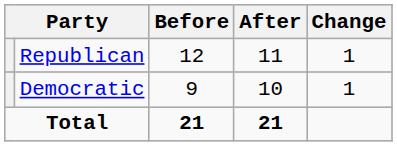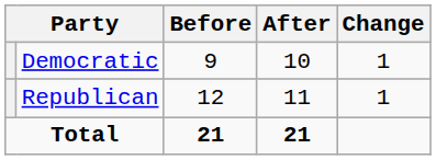 <table class="wikitable" style="text-align:center;">
 <tr>
 <th colspan="2">Party</th>
 <th>Before</th>
 <th>After</th>
 <th>Change</th>
 </tr>
 <tr>
 <th style="background-color:"></th>
-<td style="text-align:left;"><a href='#'>Republican</a></td>
-<td>12</td>
-<td>11</td>
+<td style="text-align:left;"><a href='#'>Democratic</a></td>
+<td>9</td>
+<td>10</td>
 <td> 1</td>
 </tr>
 <tr>
 <th style="background-color:"></th>
-<td style="text-align:left;"><a href='#'>Democratic</a></td>
-<td>9</td>
-<td>10</td>
+<td style="text-align:left;"><a href='#'>Republican</a></td>
+<td>12</td>
+<td>11</td>
 <td> 1</td>
 </tr>
 <tr>
 <td colspan="2"><strong>Total</strong></td>
 <td><strong>21</strong></td>
 <td><strong>21</strong></td>
 <td></td>
 </tr>
 </table>
